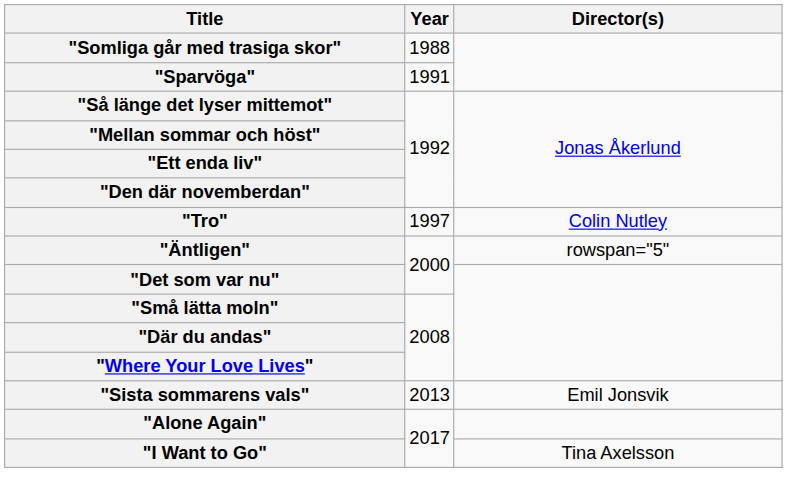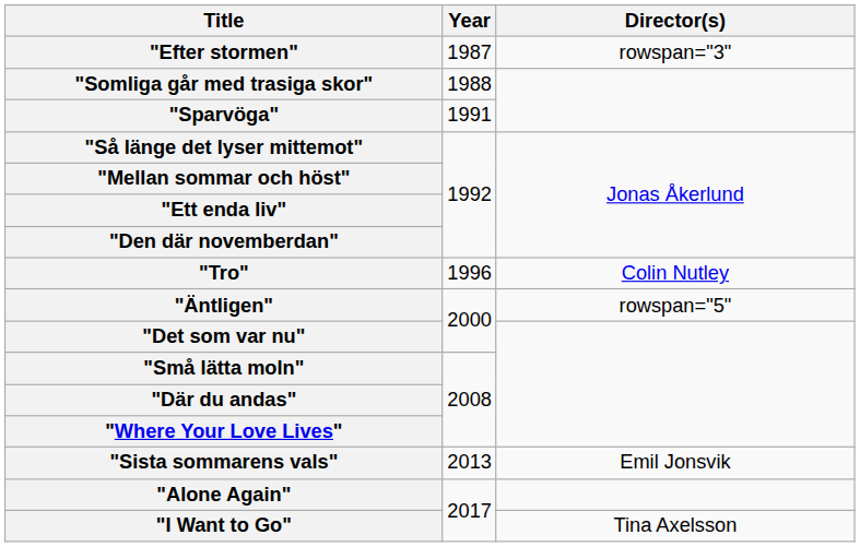 <table class="wikitable plainrowheaders" style="text-align:center;" border="1">
 <tr>
 <th scope="col" style="width:21.5em;">Title</th>
 <th scope="col">Year</th>
 <th scope="col" style="width:17.5em;">Director(s)</th>
+</tr>
+<tr>
+<th scope="row">"Efter stormen"</th>
+<td>1987</td>
+<td>rowspan="3" </td>
 </tr>
 <tr>
 <th scope="row">"Somliga går med trasiga skor" </th>
 <td>1988</td>
 </tr>
 <tr>
 <th scope="row">"Sparvöga"</th>
 <td>1991</td>
 </tr>
 <tr>
 <th scope="row">"Så länge det lyser mittemot"</th>
 <td rowspan="4">1992</td>
 <td rowspan="4"><a href='#'>Jonas Åkerlund</a></td>
 </tr>
 <tr>
 <th scope="row">"Mellan sommar och höst"</th>
 </tr>
 <tr>
 <th scope="row">"Ett enda liv"</th>
 </tr>
 <tr>
 <th scope="row">"Den där novemberdan"</th>
 </tr>
 <tr>
 <th scope="row">"Tro"</th>
-<td>1997</td>
+<td>1996</td>
 <td><a href='#'>Colin Nutley</a></td>
 </tr>
 <tr>
 <th scope="row">"Äntligen"</th>
 <td rowspan="2">2000</td>
 <td>rowspan="5" </td>
 </tr>
 <tr>
 <th scope="row">"Det som var nu" </th>
 </tr>
 <tr>
 <th scope="row">"Små lätta moln"</th>
 <td rowspan="3">2008</td>
 </tr>
 <tr>
 <th scope="row">"Där du andas"</th>
 </tr>
 <tr>
 <th scope="row">"<a href='#'>Where Your Love Lives</a>" </th>
 </tr>
 <tr>
 <th scope="row">"Sista sommarens vals"</th>
 <td>2013</td>
 <td>Emil Jonsvik</td>
 </tr>
 <tr>
 <th scope="row">"Alone Again"</th>
 <td rowspan="2">2017</td>
 <td></td>
 </tr>
 <tr>
 <th scope="row">"I Want to Go"</th>
 <td>Tina Axelsson</td>
 </tr>
 </table>
